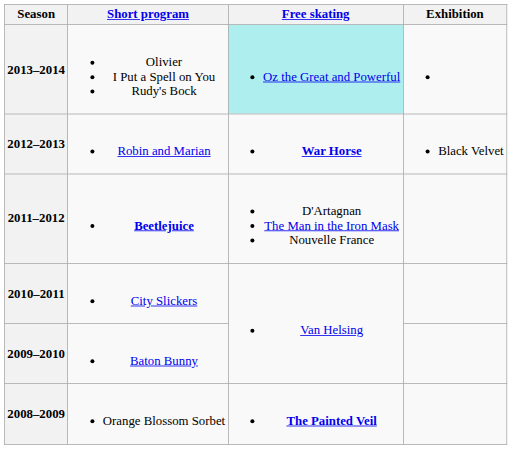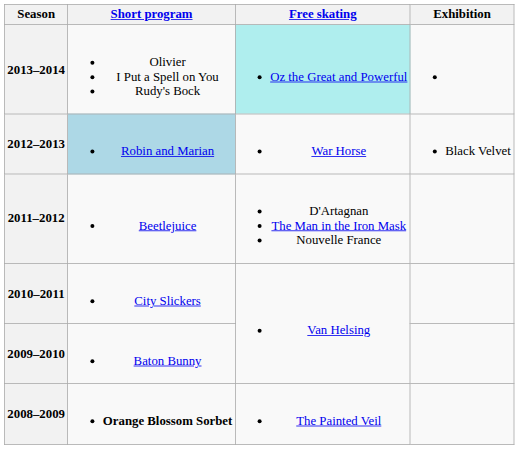 <table class="wikitable" style="text-align: center">
 <tr>
 <th>Season</th>
 <th><a href='#'>Short program</a></th>
 <th><a href='#'>Free skating</a></th>
 <th>Exhibition</th>
 </tr>
 <tr>
 <th>2013–2014 <br></th>
 <td><br><ul><li>Olivier</li><li>I Put a Spell on You</li><li>Rudy's Bock</li></ul></td>
 <td style="background: paleturquoise;"><br><ul><li><a href='#'>Oz the Great and Powerful</a> <br></li></ul></td>
 <td><br><ul><li></li></ul></td>
 </tr>
 <tr>
 <th>2012–2013 <br></th>
-<td><br><ul><li><a href='#'>Robin and Marian</a> <br></li></ul></td>
-<td><strong><br><ul><li><a href='#'>War Horse</a> <br></li></ul></strong></td>
+<td style="background: lightblue;"><br><ul><li><a href='#'>Robin and Marian</a> <br></li></ul></td>
+<td><br><ul><li><a href='#'>War Horse</a> <br></li></ul></td>
 <td><br><ul><li>Black Velvet <br></li></ul></td>
 </tr>
 <tr>
 <th>2011–2012 <br></th>
-<td><strong><br><ul><li><a href='#'>Beetlejuice</a> <br></li></ul></strong></td>
+<td><br><ul><li><a href='#'>Beetlejuice</a> <br></li></ul></td>
 <td><br><ul><li>D'Artagnan <br></li><li><a href='#'>The Man in the Iron Mask</a> <br></li><li>Nouvelle France <br></li></ul></td>
 <td></td>
 </tr>
 <tr>
 <th>2010–2011 <br></th>
 <td><br><ul><li><a href='#'>City Slickers</a> <br></li></ul></td>
 <td rowspan=2><br><ul><li><a href='#'>Van Helsing</a> <br></li></ul></td>
 <td></td>
 </tr>
 <tr>
 <th>2009–2010 <br></th>
 <td><br><ul><li><a href='#'>Baton Bunny</a> <br></li></ul></td>
 <td></td>
 </tr>
 <tr>
 <th>2008–2009 <br></th>
-<td><br><ul><li>Orange Blossom Sorbet <br></li></ul></td>
-<td><strong><br><ul><li><a href='#'>The Painted Veil</a> <br></li></ul></strong></td>
+<td><strong><br><ul><li>Orange Blossom Sorbet <br></li></ul></strong></td>
+<td><br><ul><li><a href='#'>The Painted Veil</a> <br></li></ul></td>
 <td></td>
 </tr>
 </table>
